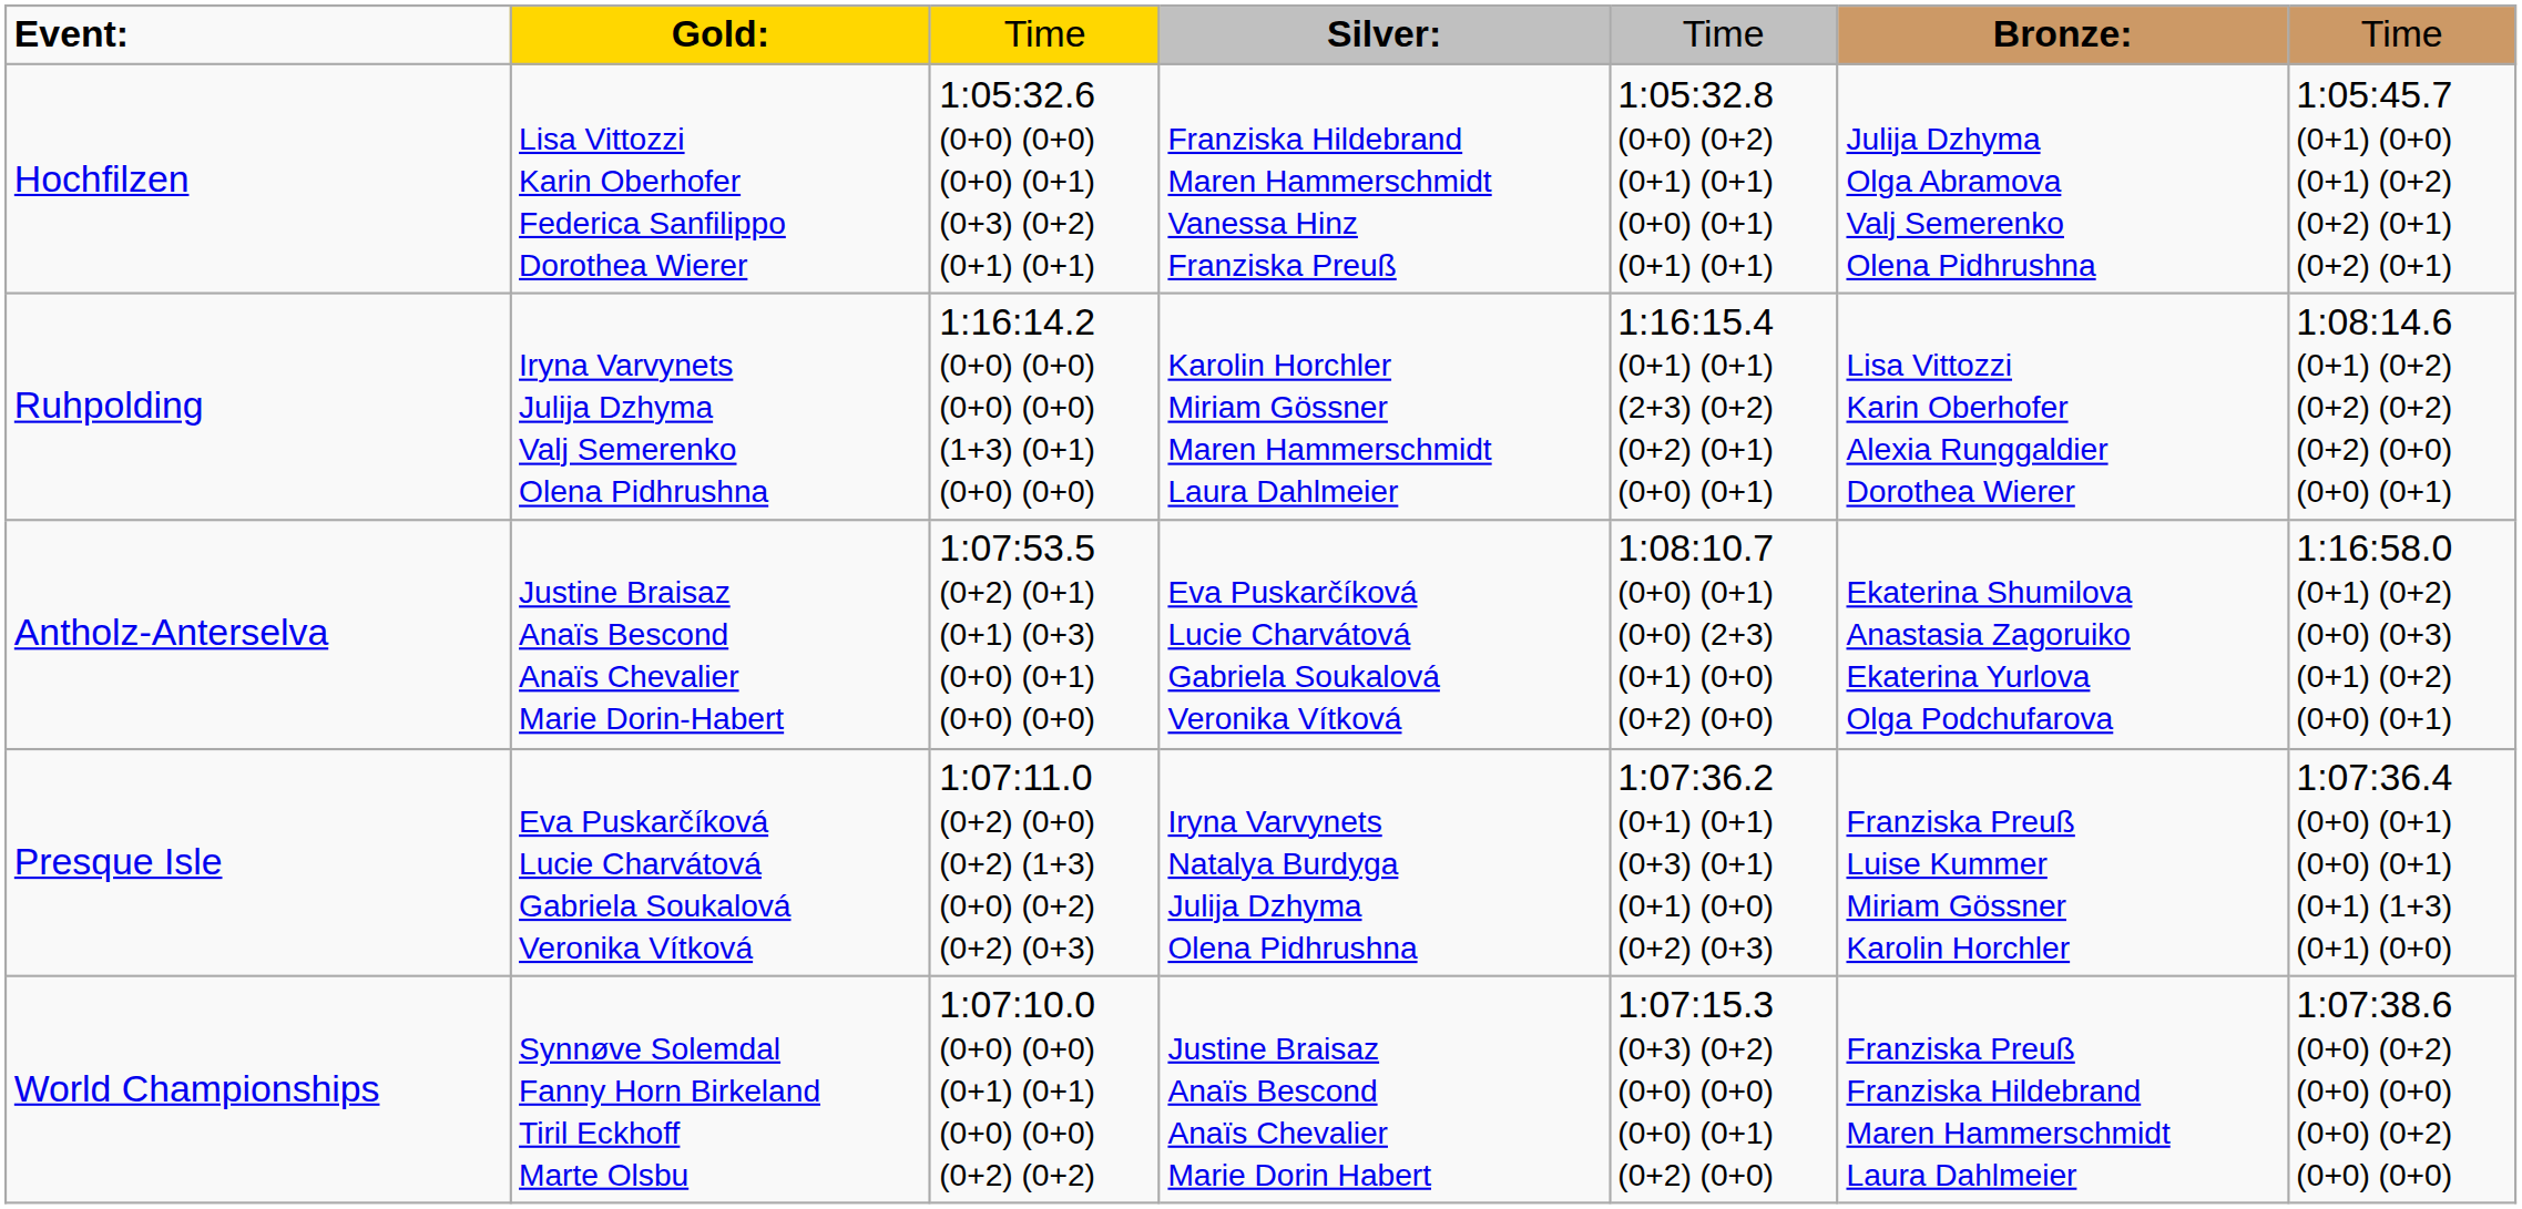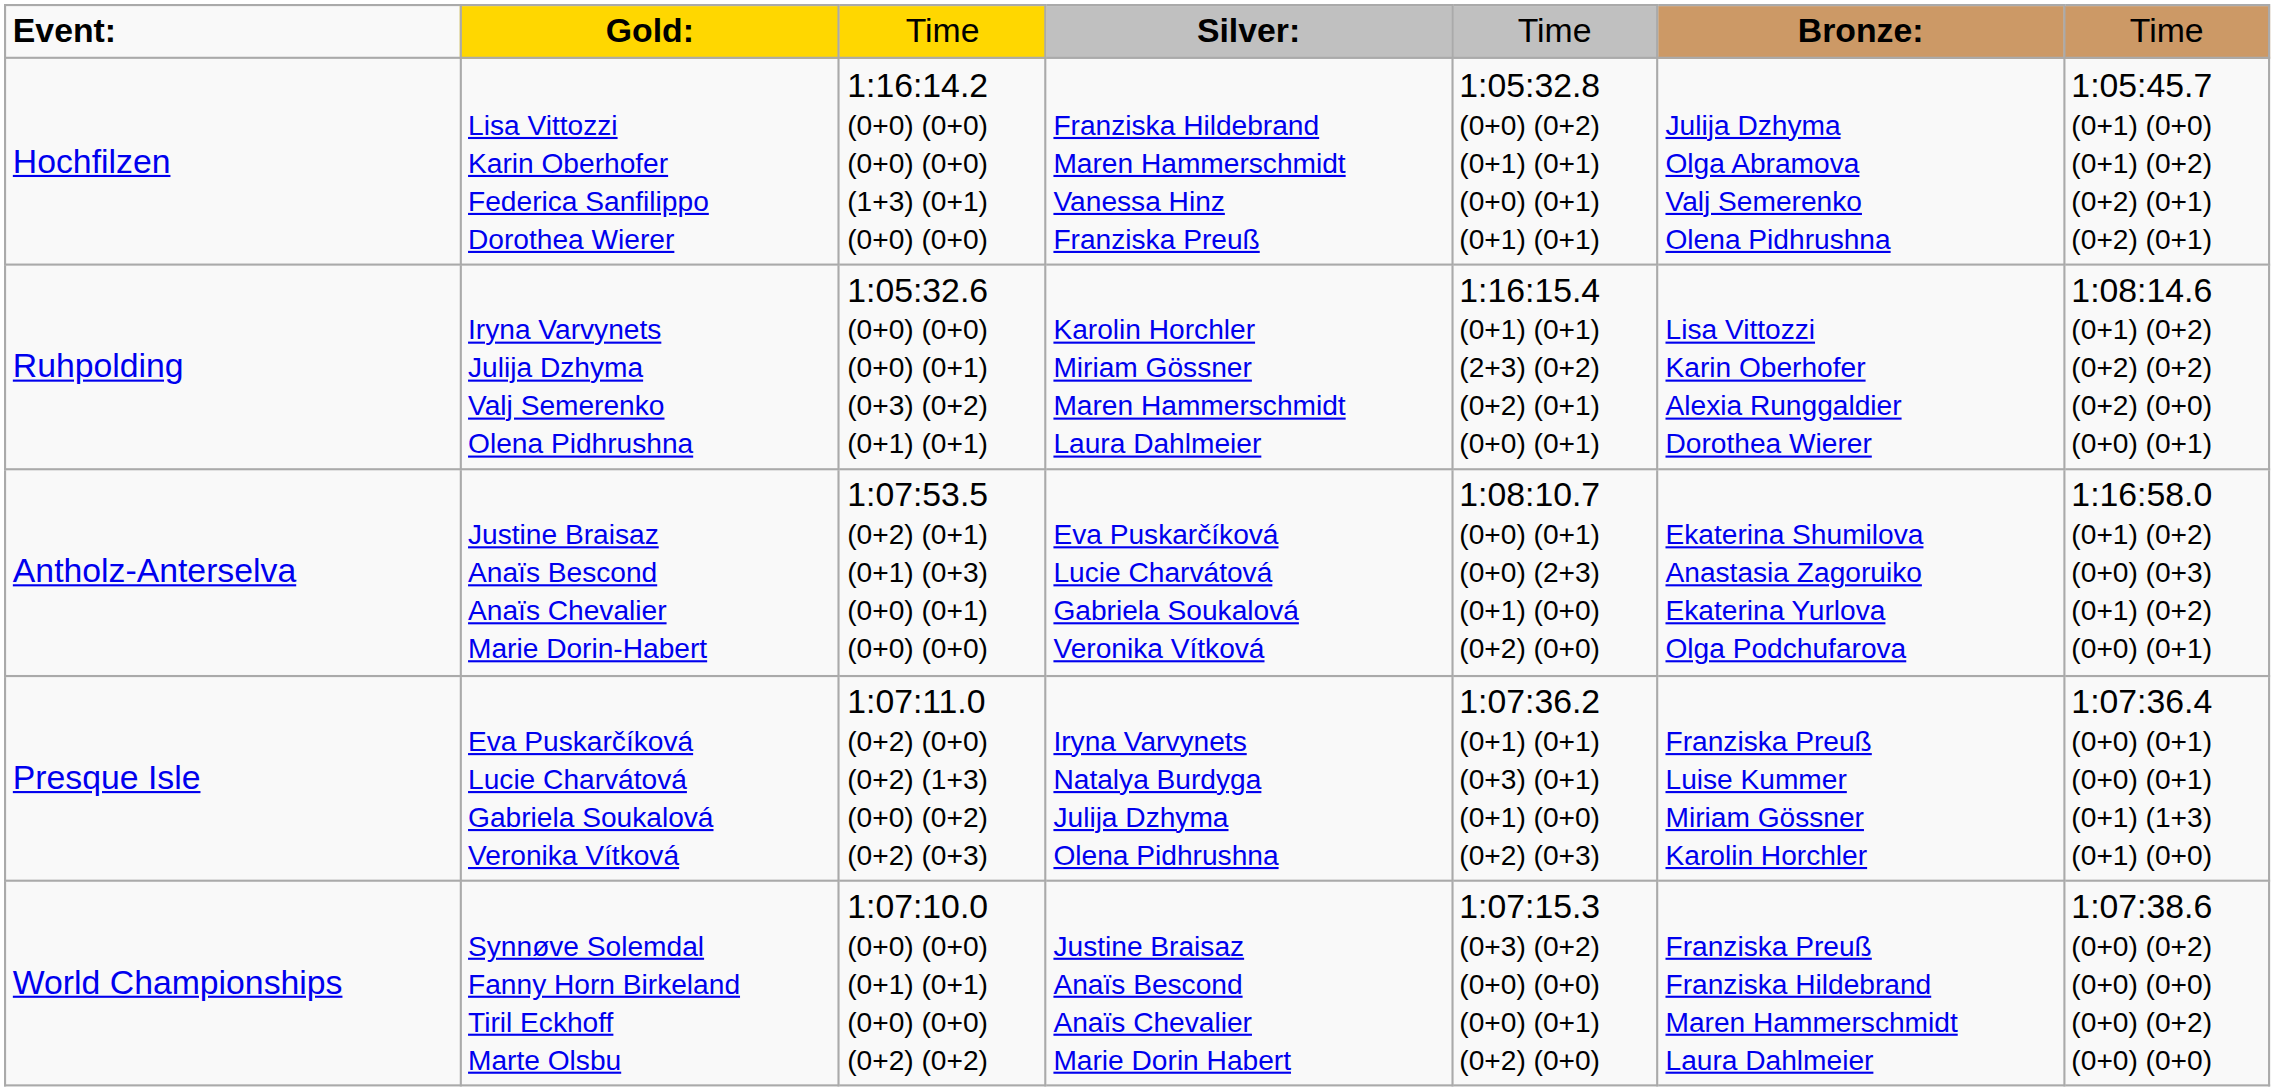 <table class="wikitable" width=85%>
 <tr>
 <td><strong>Event:</strong></td>
 <td style="text-align:center;background-color:gold;"><strong>Gold:</strong></td>
 <td style="text-align:center;background-color:gold;">Time</td>
 <td style="text-align:center;background-color:silver;"><strong>Silver:</strong></td>
 <td style="text-align:center;background-color:silver;">Time</td>
 <td style="text-align:center;background-color:#CC9966;"><strong>Bronze:</strong></td>
 <td style="text-align:center;background-color:#CC9966;">Time</td>
 </tr>
 <tr>
 <td><a href='#'>Hochfilzen</a><br></td>
 <td><strong></strong><br><small><a href='#'>Lisa Vittozzi</a><br><a href='#'>Karin Oberhofer</a><br><a href='#'>Federica Sanfilippo</a><br><a href='#'>Dorothea Wierer</a></small></td>
-<td>1:05:32.6<br><small>(0+0) (0+0)<br>(0+0) (0+1)<br>(0+3) (0+2)<br>(0+1) (0+1)</small></td>
+<td>1:16:14.2<br><small>(0+0) (0+0)<br>(0+0) (0+0)<br>(1+3) (0+1)<br>(0+0) (0+0)</small></td>
 <td><br><small><a href='#'>Franziska Hildebrand</a><br><a href='#'>Maren Hammerschmidt</a><br><a href='#'>Vanessa Hinz</a><br><a href='#'>Franziska Preuß</a></small></td>
 <td>1:05:32.8<br><small>(0+0) (0+2)<br>(0+1) (0+1)<br>(0+0) (0+1)<br>(0+1) (0+1)</small></td>
 <td><br><small><a href='#'>Julija Dzhyma</a><br><a href='#'>Olga Abramova</a><br><a href='#'>Valj Semerenko</a><br><a href='#'>Olena Pidhrushna</a></small></td>
 <td>1:05:45.7<br><small>(0+1) (0+0)<br>(0+1) (0+2)<br>(0+2) (0+1)<br>(0+2) (0+1)</small></td>
 </tr>
 <tr>
 <td><a href='#'>Ruhpolding</a><br></td>
 <td><strong></strong><br><small><a href='#'>Iryna Varvynets</a><br><a href='#'>Julija Dzhyma</a><br><a href='#'>Valj Semerenko</a><br><a href='#'>Olena Pidhrushna</a></small></td>
-<td>1:16:14.2<br><small>(0+0) (0+0)<br>(0+0) (0+0)<br>(1+3) (0+1)<br>(0+0) (0+0)</small></td>
+<td>1:05:32.6<br><small>(0+0) (0+0)<br>(0+0) (0+1)<br>(0+3) (0+2)<br>(0+1) (0+1)</small></td>
 <td><br><small><a href='#'>Karolin Horchler</a><br><a href='#'>Miriam Gössner</a><br><a href='#'>Maren Hammerschmidt</a><br><a href='#'>Laura Dahlmeier</a></small></td>
 <td>1:16:15.4<br><small>(0+1) (0+1)<br>(2+3) (0+2)<br>(0+2) (0+1)<br>(0+0) (0+1)</small></td>
 <td><br><small><a href='#'>Lisa Vittozzi</a><br><a href='#'>Karin Oberhofer</a><br><a href='#'>Alexia Runggaldier</a><br><a href='#'>Dorothea Wierer</a></small></td>
 <td>1:08:14.6<br><small>(0+1) (0+2)<br>(0+2) (0+2)<br>(0+2) (0+0)<br>(0+0) (0+1)</small></td>
 </tr>
 <tr>
 <td><a href='#'>Antholz-Anterselva</a><br></td>
 <td><strong></strong><br><small><a href='#'>Justine Braisaz</a><br><a href='#'>Anaïs Bescond</a><br><a href='#'>Anaïs Chevalier</a><br><a href='#'>Marie Dorin-Habert</a></small></td>
 <td>1:07:53.5<br><small>(0+2) (0+1)<br>(0+1) (0+3)<br>(0+0) (0+1)<br>(0+0) (0+0)</small></td>
 <td><br><small><a href='#'>Eva Puskarčíková</a><br><a href='#'>Lucie Charvátová</a><br><a href='#'>Gabriela Soukalová</a><br><a href='#'>Veronika Vítková</a></small></td>
 <td>1:08:10.7<br><small>(0+0) (0+1)<br>(0+0) (2+3)<br>(0+1) (0+0)<br>(0+2) (0+0)</small></td>
 <td><br><small><a href='#'>Ekaterina Shumilova</a><br><a href='#'>Anastasia Zagoruiko</a><br><a href='#'>Ekaterina Yurlova</a><br><a href='#'>Olga Podchufarova</a></small></td>
 <td>1:16:58.0<br><small>(0+1) (0+2)<br>(0+0) (0+3)<br>(0+1) (0+2)<br>(0+0) (0+1)</small></td>
 </tr>
 <tr>
 <td><a href='#'>Presque Isle</a><br></td>
 <td><strong></strong><br><small><a href='#'>Eva Puskarčíková</a><br><a href='#'>Lucie Charvátová</a><br><a href='#'>Gabriela Soukalová</a><br><a href='#'>Veronika Vítková</a></small></td>
 <td>1:07:11.0<br><small>(0+2) (0+0)<br>(0+2) (1+3)<br>(0+0) (0+2)<br>(0+2) (0+3)</small></td>
 <td><br><small><a href='#'>Iryna Varvynets</a><br><a href='#'>Natalya Burdyga</a><br><a href='#'>Julija Dzhyma</a><br><a href='#'>Olena Pidhrushna</a></small></td>
 <td>1:07:36.2<br><small>(0+1) (0+1)<br>(0+3) (0+1)<br>(0+1) (0+0)<br>(0+2) (0+3)</small></td>
 <td><br><small><a href='#'>Franziska Preuß</a><br><a href='#'>Luise Kummer</a><br><a href='#'>Miriam Gössner</a><br><a href='#'>Karolin Horchler</a></small></td>
 <td>1:07:36.4<br><small>(0+0) (0+1)<br>(0+0) (0+1)<br>(0+1) (1+3)<br>(0+1) (0+0)</small></td>
 </tr>
 <tr>
 <td><a href='#'>World Championships</a><br></td>
 <td><br><small><a href='#'>Synnøve Solemdal</a><br><a href='#'>Fanny Horn Birkeland</a><br><a href='#'>Tiril Eckhoff</a><br><a href='#'>Marte Olsbu</a></small></td>
 <td>1:07:10.0<br><small>(0+0) (0+0)<br>(0+1) (0+1)<br>(0+0) (0+0)<br>(0+2) (0+2)</small></td>
 <td><br><small><a href='#'>Justine Braisaz</a><br><a href='#'>Anaïs Bescond</a><br><a href='#'>Anaïs Chevalier</a><br><a href='#'>Marie Dorin Habert</a></small></td>
 <td>1:07:15.3<br><small>(0+3) (0+2)<br>(0+0) (0+0)<br>(0+0) (0+1)<br>(0+2) (0+0)</small></td>
 <td><br><small><a href='#'>Franziska Preuß</a><br><a href='#'>Franziska Hildebrand</a><br><a href='#'>Maren Hammerschmidt</a><br><a href='#'>Laura Dahlmeier</a></small></td>
 <td>1:07:38.6<br><small>(0+0) (0+2)<br>(0+0) (0+0)<br>(0+0) (0+2)<br>(0+0) (0+0)</small></td>
 </tr>
 </table>
